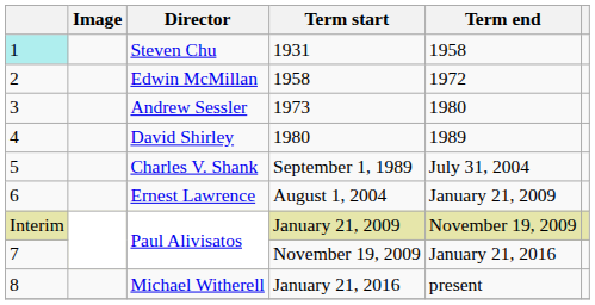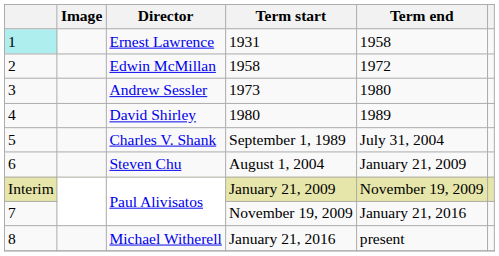 <table class="wikitable">
 <tr>
 <th></th>
 <th>Image</th>
 <th>Director</th>
 <th>Term start</th>
 <th>Term end</th>
 <th></th>
 </tr>
 <tr>
 <td style="background: paleturquoise;">1</td>
 <td></td>
-<td><a href='#'>Steven Chu</a></td>
+<td><a href='#'>Ernest Lawrence</a></td>
 <td>1931</td>
 <td>1958</td>
 <td></td>
 </tr>
 <tr>
 <td>2</td>
 <td></td>
 <td><a href='#'>Edwin McMillan</a></td>
 <td>1958</td>
 <td>1972</td>
 <td></td>
 </tr>
 <tr>
 <td>3</td>
 <td></td>
 <td><a href='#'>Andrew Sessler</a></td>
 <td>1973</td>
 <td>1980</td>
 <td></td>
 </tr>
 <tr>
 <td>4</td>
 <td></td>
 <td><a href='#'>David Shirley</a></td>
 <td>1980</td>
 <td>1989</td>
 <td></td>
 </tr>
 <tr>
 <td>5</td>
 <td></td>
 <td><a href='#'>Charles V. Shank</a></td>
 <td>September 1, 1989</td>
 <td>July 31, 2004</td>
 <td></td>
 </tr>
 <tr>
 <td>6</td>
 <td></td>
-<td><a href='#'>Ernest Lawrence</a></td>
+<td><a href='#'>Steven Chu</a></td>
 <td>August 1, 2004</td>
 <td>January 21, 2009</td>
 <td></td>
 </tr>
 <tr bgcolor="#e6e6aa">
 <td>Interim</td>
 <td rowspan="2" bgcolor="#ffffff"></td>
 <td rowspan="2" bgcolor="#ffffff"><a href='#'>Paul Alivisatos</a></td>
 <td>January 21, 2009</td>
 <td>November 19, 2009</td>
 <td></td>
 </tr>
 <tr>
 <td>7</td>
 <td>November 19, 2009</td>
 <td>January 21, 2016</td>
 <td></td>
 </tr>
 <tr>
 <td>8</td>
 <td></td>
 <td><a href='#'>Michael Witherell</a></td>
 <td>January 21, 2016</td>
 <td>present</td>
 <td></td>
 </tr>
 <tr>
 </tr>
 </table>
